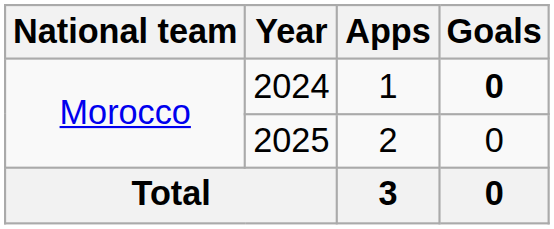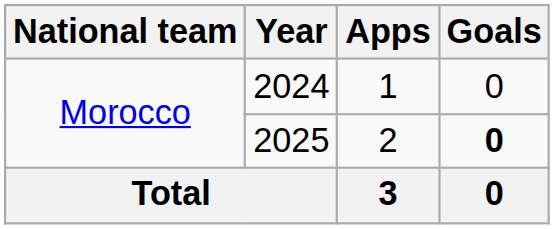 <table class=wikitable style=text-align:center>
 <tr>
 <th>National team</th>
 <th>Year</th>
 <th>Apps</th>
 <th>Goals</th>
 </tr>
 <tr>
 <td rowspan="2"><a href='#'>Morocco</a></td>
 <td>2024</td>
 <td>1</td>
-<td><strong>0</strong></td>
+<td>0</td>
 </tr>
 <tr>
 <td>2025</td>
 <td>2</td>
-<td>0</td>
+<td><strong>0</strong></td>
 </tr>
 <tr>
 <th colspan="2">Total</th>
 <th>3</th>
 <th>0</th>
 </tr>
 </table>
